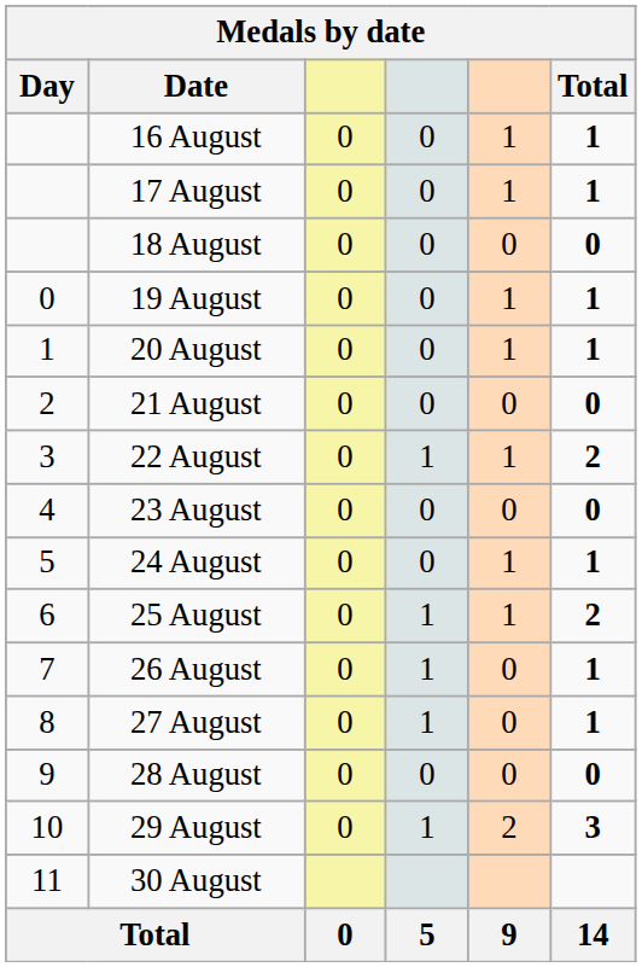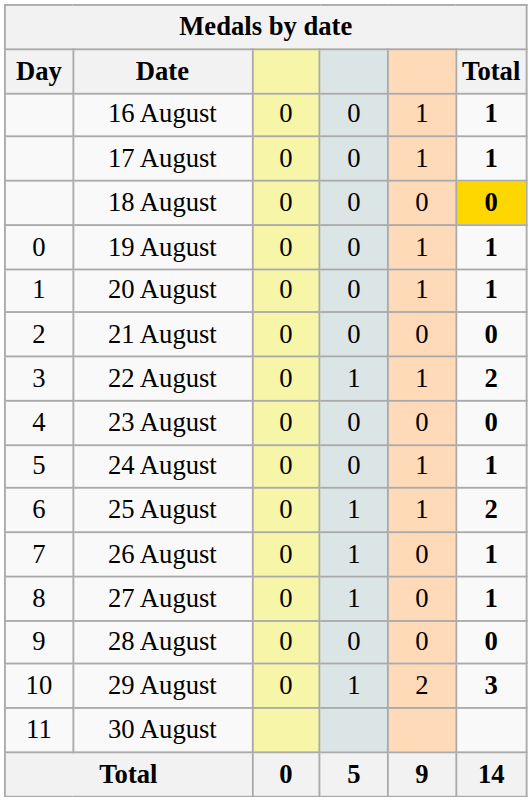 <table class="wikitable" style="font-size:90%; text-align:center;">
 <tr style="background:#efefef;">
 <th colspan=6><strong>Medals by date</strong></th>
 </tr>
 <tr>
 <th width=30><strong>Day</strong></th>
 <th width=90><strong>Date</strong></th>
 <th width=30 style="background:#F7F6A8;"></th>
 <th width=30 style="background:#DCE5E5;"></th>
 <th width=30 style="background:#FFDAB9;"></th>
 <th width=30><strong>Total</strong></th>
 </tr>
 <tr>
 <td></td>
 <td>16 August</td>
 <td style="background:#F7F6A8;">0</td>
 <td style="background:#DCE5E5;">0</td>
 <td style="background:#FFDAB9;">1</td>
 <td><strong>1</strong></td>
 </tr>
 <tr>
 <td></td>
 <td>17 August</td>
 <td style="background:#F7F6A8;">0</td>
 <td style="background:#DCE5E5;">0</td>
 <td style="background:#FFDAB9;">1</td>
 <td><strong>1</strong></td>
 </tr>
 <tr>
 <td></td>
 <td>18 August</td>
 <td style="background:#F7F6A8;">0</td>
 <td style="background:#DCE5E5;">0</td>
 <td style="background:#FFDAB9;">0</td>
-<td><strong>0</strong></td>
+<td style="background: gold;"><strong>0</strong></td>
 </tr>
 <tr>
 <td>0</td>
 <td>19 August</td>
 <td style="background:#F7F6A8;">0</td>
 <td style="background:#DCE5E5;">0</td>
 <td style="background:#FFDAB9;">1</td>
 <td><strong>1</strong></td>
 </tr>
 <tr>
 <td>1</td>
 <td>20 August</td>
 <td style="background:#F7F6A8;">0</td>
 <td style="background:#DCE5E5;">0</td>
 <td style="background:#FFDAB9;">1</td>
 <td><strong>1</strong></td>
 </tr>
 <tr>
 <td>2</td>
 <td>21 August</td>
 <td style="background:#F7F6A8;">0</td>
 <td style="background:#DCE5E5;">0</td>
 <td style="background:#FFDAB9;">0</td>
 <td><strong>0</strong></td>
 </tr>
 <tr>
 <td>3</td>
 <td>22 August</td>
 <td style="background:#F7F6A8;">0</td>
 <td style="background:#DCE5E5;">1</td>
 <td style="background:#FFDAB9;">1</td>
 <td><strong>2</strong></td>
 </tr>
 <tr>
 <td>4</td>
 <td>23 August</td>
 <td style="background:#F7F6A8;">0</td>
 <td style="background:#DCE5E5;">0</td>
 <td style="background:#FFDAB9;">0</td>
 <td><strong>0</strong></td>
 </tr>
 <tr>
 <td>5</td>
 <td>24 August</td>
 <td style="background:#F7F6A8;">0</td>
 <td style="background:#DCE5E5;">0</td>
 <td style="background:#FFDAB9;">1</td>
 <td><strong>1</strong></td>
 </tr>
 <tr>
 <td>6</td>
 <td>25 August</td>
 <td style="background:#F7F6A8;">0</td>
 <td style="background:#DCE5E5;">1</td>
 <td style="background:#FFDAB9;">1</td>
 <td><strong>2</strong></td>
 </tr>
 <tr>
 <td>7</td>
 <td>26 August</td>
 <td style="background:#F7F6A8;">0</td>
 <td style="background:#DCE5E5;">1</td>
 <td style="background:#FFDAB9;">0</td>
 <td><strong>1</strong></td>
 </tr>
 <tr>
 <td>8</td>
 <td>27 August</td>
 <td style="background:#F7F6A8;">0</td>
 <td style="background:#DCE5E5;">1</td>
 <td style="background:#FFDAB9;">0</td>
 <td><strong>1</strong></td>
 </tr>
 <tr>
 <td>9</td>
 <td>28 August</td>
 <td style="background:#F7F6A8;">0</td>
 <td style="background:#DCE5E5;">0</td>
 <td style="background:#FFDAB9;">0</td>
 <td><strong>0</strong></td>
 </tr>
 <tr>
 <td>10</td>
 <td>29 August</td>
 <td style="background:#F7F6A8;">0</td>
 <td style="background:#DCE5E5;">1</td>
 <td style="background:#FFDAB9;">2</td>
 <td><strong>3</strong></td>
 </tr>
 <tr>
 <td>11</td>
 <td>30 August</td>
 <td style="background:#F7F6A8;"></td>
 <td style="background:#DCE5E5;"></td>
 <td style="background:#FFDAB9;"></td>
 <td></td>
 </tr>
 <tr>
 <th colspan="2"><strong>Total</strong></th>
 <th><strong>0</strong></th>
 <th><strong>5</strong></th>
 <th><strong>9</strong></th>
 <th><strong>14</strong></th>
 </tr>
 </table>
